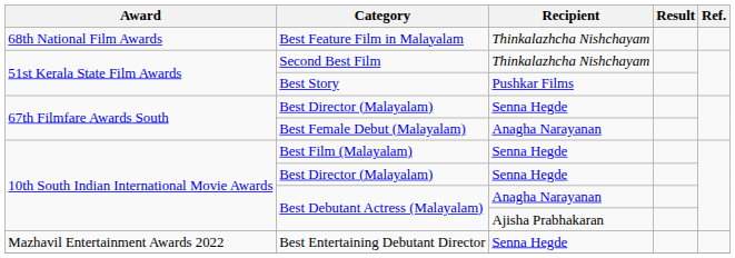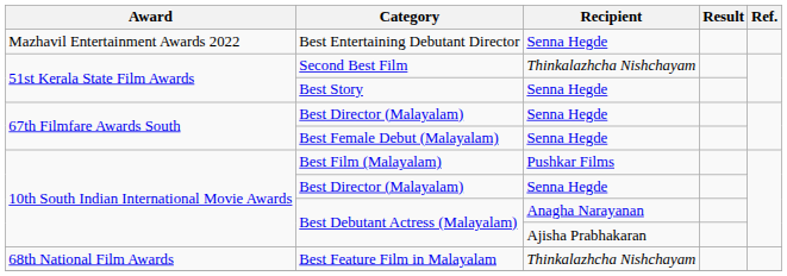 <table class="wikitable">
 <tr>
 <th>Award</th>
 <th>Category</th>
 <th>Recipient</th>
 <th>Result</th>
 <th>Ref.</th>
 </tr>
 <tr>
-<td><a href='#'>68th National Film Awards</a></td>
-<td><a href='#'>Best Feature Film in Malayalam</a></td>
-<td><em>Thinkalazhcha Nishchayam</em></td>
+<td>Mazhavil Entertainment Awards 2022</td>
+<td>Best Entertaining Debutant Director</td>
+<td><a href='#'>Senna Hegde</a></td>
 <td></td>
 <td></td>
 </tr>
 <tr>
 <td rowspan="2"><a href='#'>51st Kerala State Film Awards</a></td>
 <td><a href='#'>Second Best Film</a></td>
 <td><em>Thinkalazhcha Nishchayam</em></td>
 <td></td>
 <td rowspan="2"></td>
 </tr>
 <tr>
 <td><a href='#'>Best Story</a></td>
-<td><a href='#'>Pushkar Films</a></td>
+<td><a href='#'>Senna Hegde</a></td>
 <td></td>
 </tr>
 <tr>
 <td rowspan="2"><a href='#'>67th Filmfare Awards South</a></td>
 <td><a href='#'>Best Director (Malayalam)</a></td>
 <td><a href='#'>Senna Hegde</a></td>
 <td></td>
 <td rowspan="2"></td>
 </tr>
 <tr>
 <td><a href='#'>Best Female Debut (Malayalam)</a></td>
-<td><a href='#'>Anagha Narayanan</a></td>
+<td><a href='#'>Senna Hegde</a></td>
 <td></td>
 </tr>
 <tr>
 <td rowspan="4"><a href='#'>10th South Indian International Movie Awards</a></td>
 <td><a href='#'>Best Film (Malayalam)</a></td>
-<td><a href='#'>Senna Hegde</a></td>
+<td><a href='#'>Pushkar Films</a></td>
 <td></td>
 <td rowspan="4"></td>
 </tr>
 <tr>
 <td><a href='#'>Best Director (Malayalam)</a></td>
 <td><a href='#'>Senna Hegde</a></td>
 <td></td>
 </tr>
 <tr>
 <td rowspan=2><a href='#'>Best Debutant Actress (Malayalam)</a></td>
 <td><a href='#'>Anagha Narayanan</a></td>
 <td></td>
 </tr>
 <tr>
 <td>Ajisha Prabhakaran</td>
 <td></td>
 </tr>
 <tr>
-<td>Mazhavil Entertainment Awards 2022</td>
-<td>Best Entertaining Debutant Director</td>
-<td><a href='#'>Senna Hegde</a></td>
+<td><a href='#'>68th National Film Awards</a></td>
+<td><a href='#'>Best Feature Film in Malayalam</a></td>
+<td><em>Thinkalazhcha Nishchayam</em></td>
 <td></td>
 <td></td>
 </tr>
 <tr>
 </tr>
 </table>
